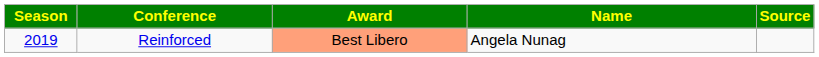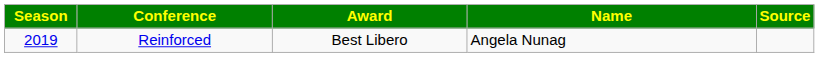 <table class="wikitable">
 <tr>
 <th width=70px style="background: green; color: yellow; text-align: center">Season</th>
 <th width=200px style="background: green; color: yellow; text-align: center">Conference</th>
 <th width=200px style="background: green; color: yellow; text-align: center">Award</th>
 <th width=300px style="background: green; color: yellow; text-align: center">Name</th>
 <th width=50px style="background: green; color: yellow; text-align: center">Source</th>
 </tr>
 <tr align=center>
 <td rowspan=2><a href='#'>2019</a></td>
 <td><a href='#'>Reinforced</a></td>
-<td style="background: lightsalmon;">Best Libero</td>
+<td>Best Libero</td>
 <td align=left> Angela Nunag</td>
 <td align=center></td>
 </tr>
 </table>
